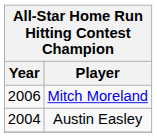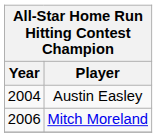 <table class="wikitable" style="display: inline-table; margin-right: 20px; text-align:center">
 <tr>
 <th scope="col" colspan="2" style="width: 145px;">All-Star Home Run Hitting Contest Champion</th>
 </tr>
 <tr>
 <th scope="col">Year</th>
 <th scope="col">Player</th>
 </tr>
 <tr>
+<td>2004</td>
+<td>Austin Easley</td>
+</tr>
+<tr>
 <td>2006</td>
 <td><a href='#'>Mitch Moreland</a></td>
 </tr>
 <tr>
-<td>2004</td>
-<td>Austin Easley</td>
-</tr>
-<tr>
 </tr>
 </table>
